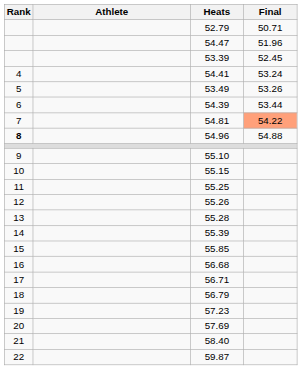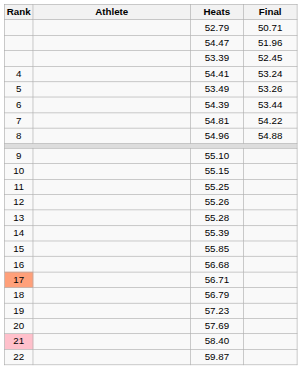 <table class=wikitable style="text-align:center">
 <tr>
 <th width=40>Rank</th>
 <th width=250>Athlete</th>
 <th width=80>Heats</th>
 <th width=80>Final</th>
 </tr>
 <tr>
 <td></td>
 <td align=left></td>
 <td>52.79</td>
 <td>50.71</td>
 </tr>
 <tr>
 <td></td>
 <td align=left></td>
 <td>54.47</td>
 <td>51.96</td>
 </tr>
 <tr>
 <td></td>
 <td align=left></td>
 <td>53.39</td>
 <td>52.45</td>
 </tr>
 <tr>
 <td>4</td>
 <td align=left></td>
 <td>54.41</td>
 <td>53.24</td>
 </tr>
 <tr>
 <td>5</td>
 <td align=left></td>
 <td>53.49</td>
 <td>53.26</td>
 </tr>
 <tr>
 <td>6</td>
 <td align=left></td>
 <td>54.39</td>
 <td>53.44</td>
 </tr>
 <tr>
 <td>7</td>
 <td align=left></td>
 <td>54.81</td>
-<td style="background: lightsalmon;">54.22</td>
+<td>54.22</td>
 </tr>
 <tr>
-<td><strong>8</strong></td>
+<td>8</td>
 <td align=left></td>
 <td>54.96</td>
 <td>54.88</td>
 </tr>
 <tr bgcolor=#DDDDDD>
 <td colspan=4></td>
 </tr>
 <tr>
 <td>9</td>
 <td align=left></td>
 <td>55.10</td>
 <td></td>
 </tr>
 <tr>
 <td>10</td>
 <td align=left></td>
 <td>55.15</td>
 <td></td>
 </tr>
 <tr>
 <td>11</td>
 <td align=left></td>
 <td>55.25</td>
 <td></td>
 </tr>
 <tr>
 <td>12</td>
 <td align=left></td>
 <td>55.26</td>
 <td></td>
 </tr>
 <tr>
 <td>13</td>
 <td align=left></td>
 <td>55.28</td>
 <td></td>
 </tr>
 <tr>
 <td>14</td>
 <td align=left></td>
 <td>55.39</td>
 <td></td>
 </tr>
 <tr>
 <td>15</td>
 <td align=left></td>
 <td>55.85</td>
 <td></td>
 </tr>
 <tr>
 <td>16</td>
 <td align=left></td>
 <td>56.68</td>
 <td></td>
 </tr>
 <tr>
-<td>17</td>
+<td style="background: lightsalmon;">17</td>
 <td align=left></td>
 <td>56.71</td>
 <td></td>
 </tr>
 <tr>
 <td>18</td>
 <td align=left></td>
 <td>56.79</td>
 <td></td>
 </tr>
 <tr>
 <td>19</td>
 <td align=left></td>
 <td>57.23</td>
 <td></td>
 </tr>
 <tr>
 <td>20</td>
 <td align=left></td>
 <td>57.69</td>
 <td></td>
 </tr>
 <tr>
-<td>21</td>
+<td style="background: pink;">21</td>
 <td align=left></td>
 <td>58.40</td>
 <td></td>
 </tr>
 <tr>
 <td>22</td>
 <td align=left></td>
 <td>59.87</td>
 <td></td>
 </tr>
 </table>
